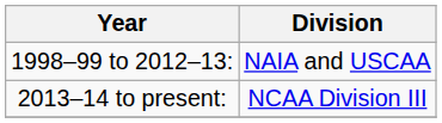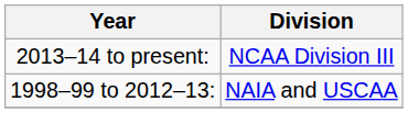 <table class="wikitable sortable" style="text-align:center">
 <tr>
 <th>Year</th>
 <th>Division</th>
 </tr>
 <tr>
+<td>2013–14 to present:</td>
+<td><a href='#'>NCAA Division III</a></td>
+</tr>
+<tr>
 <td>1998–99 to 2012–13:</td>
 <td><a href='#'>NAIA</a> and <a href='#'>USCAA</a></td>
 </tr>
 <tr>
-<td>2013–14 to present:</td>
-<td><a href='#'>NCAA Division III</a></td>
-</tr>
-<tr>
 </tr>
 </table>
